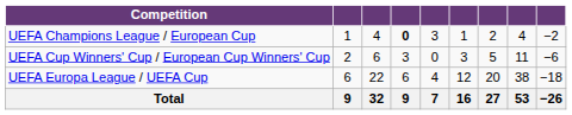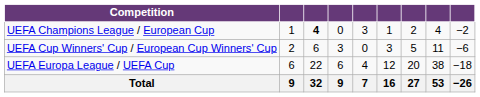 <table class="wikitable" style="text-align:center">
 <tr>
 <th style="background:#653978;color:#ffffff;border:1px solid #ffffff">Competition</th>
 <th style="background:#653978;color:#ffffff;border:1px solid #ffffff;width:28px"></th>
 <th style="background:#653978;color:#ffffff;border:1px solid #ffffff;width:28px"></th>
 <th style="background:#653978;color:#ffffff;border:1px solid #ffffff;width:28px"></th>
 <th style="background:#653978;color:#ffffff;border:1px solid #ffffff;width:28px"></th>
 <th style="background:#653978;color:#ffffff;border:1px solid #ffffff;width:28px"></th>
 <th style="background:#653978;color:#ffffff;border:1px solid #ffffff;width:28px"></th>
 <th style="background:#653978;color:#ffffff;border:1px solid #ffffff;width:28px"></th>
 <th style="background:#653978;color:#ffffff;border:1px solid #ffffff;width:28px"></th>
 </tr>
 <tr>
 <td align=left><a href='#'>UEFA Champions League</a> / <a href='#'>European Cup</a></td>
 <td>1</td>
-<td>4</td>
-<td><strong>0</strong></td>
+<td><strong>4</strong></td>
+<td>0</td>
 <td>3</td>
 <td>1</td>
 <td>2</td>
 <td>4</td>
 <td>−2</td>
 </tr>
 <tr>
 <td align=left><a href='#'>UEFA Cup Winners' Cup</a> / <a href='#'>European Cup Winners' Cup</a></td>
 <td>2</td>
 <td>6</td>
 <td>3</td>
 <td>0</td>
 <td>3</td>
 <td>5</td>
 <td>11</td>
 <td>−6</td>
 </tr>
 <tr>
 <td align=left><a href='#'>UEFA Europa League</a> / <a href='#'>UEFA Cup</a></td>
 <td>6</td>
 <td>22</td>
 <td>6</td>
 <td>4</td>
 <td>12</td>
 <td>20</td>
 <td>38</td>
 <td>−18</td>
 </tr>
 <tr>
 <th>Total</th>
 <th>9</th>
 <th>32</th>
 <th>9</th>
 <th>7</th>
 <th>16</th>
 <th>27</th>
 <th>53</th>
 <th>−26</th>
 </tr>
 </table>
